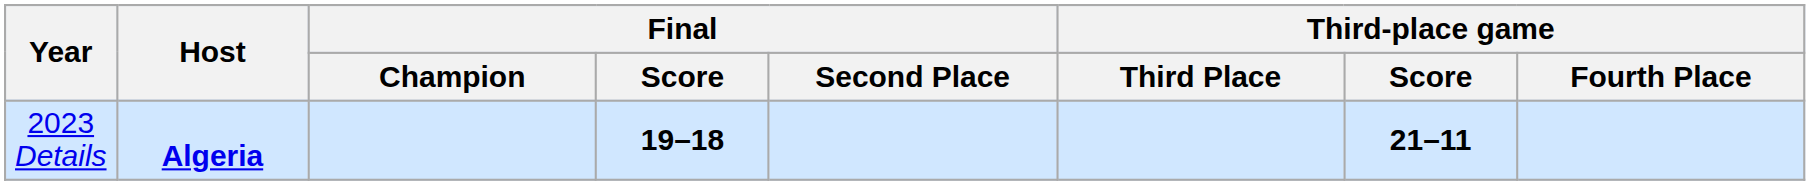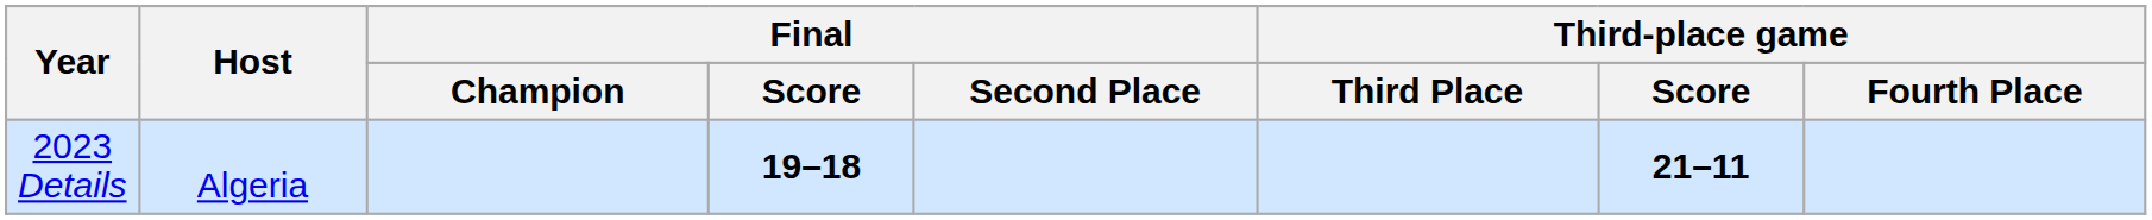 <table class="wikitable" style="font-size:90%; width: 98%; text-align: center;">
 <tr bgcolor=#C1D8FF>
 <th rowspan=2 width=5%>Year</th>
 <th rowspan=2 width=10%>Host</th>
 <th colspan=3>Final</th>
 <th colspan=3>Third-place game</th>
 </tr>
 <tr bgcolor=#EFEFEF>
 <th width=15%>Champion</th>
 <th width=9%>Score</th>
 <th width=15%>Second Place</th>
 <th width=15%>Third Place</th>
 <th width=9%>Score</th>
 <th width=15%>Fourth Place</th>
 </tr>
 <tr bgcolor=D0E7FF>
 <td><a href='#'>2023</a><br> <em><a href='#'>Details</a></em></td>
-<td><strong><br><a href='#'>Algeria</a> </strong></td>
+<td><br><a href='#'>Algeria</a> </td>
 <td><strong></strong></td>
 <td><strong>19–18</strong></td>
 <td></td>
 <td></td>
 <td><strong>21–11</strong></td>
 <td></td>
 </tr>
 </table>
